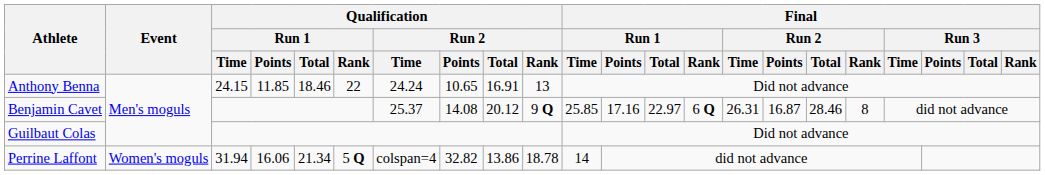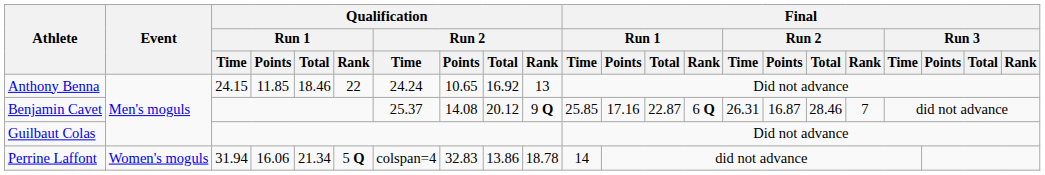 <table class="wikitable" style="font-size:90%">
 <tr>
 <th rowspan=3>Athlete</th>
 <th rowspan=3>Event</th>
 <th colspan=8>Qualification</th>
 <th colspan=12>Final</th>
 </tr>
 <tr style="font-size:95%">
 <th colspan=4>Run 1</th>
 <th colspan=4>Run 2</th>
 <th colspan=4>Run 1</th>
 <th colspan=4>Run 2</th>
 <th colspan=4>Run 3</th>
 </tr>
 <tr style="font-size:95%">
 <th>Time</th>
 <th>Points</th>
 <th>Total</th>
 <th>Rank</th>
 <th>Time</th>
 <th>Points</th>
 <th>Total</th>
 <th>Rank</th>
 <th>Time</th>
 <th>Points</th>
 <th>Total</th>
 <th>Rank</th>
 <th>Time</th>
 <th>Points</th>
 <th>Total</th>
 <th>Rank</th>
 <th>Time</th>
 <th>Points</th>
 <th>Total</th>
 <th>Rank</th>
 </tr>
 <tr align=center>
 <td align=left><a href='#'>Anthony Benna</a></td>
 <td align=left rowspan=3><a href='#'>Men's moguls</a></td>
 <td>24.15</td>
 <td>11.85</td>
 <td>18.46</td>
 <td>22</td>
 <td>24.24</td>
 <td>10.65</td>
-<td>16.91</td>
+<td>16.92</td>
 <td>13</td>
 <td colspan=12>Did not advance</td>
 </tr>
 <tr align=center>
 <td align=left><a href='#'>Benjamin Cavet</a></td>
 <td colspan=4></td>
 <td>25.37</td>
 <td>14.08</td>
 <td>20.12</td>
 <td>9 <strong>Q</strong></td>
 <td>25.85</td>
 <td>17.16</td>
-<td>22.97</td>
+<td>22.87</td>
 <td>6 <strong>Q</strong></td>
 <td>26.31</td>
 <td>16.87</td>
 <td>28.46</td>
-<td>8</td>
+<td>7</td>
 <td colspan=4>did not advance</td>
 </tr>
 <tr align=center>
 <td align=left><a href='#'>Guilbaut Colas</a></td>
 <td colspan=8></td>
 <td colspan=12>Did not advance</td>
 </tr>
 <tr align=center>
 <td align=left><a href='#'>Perrine Laffont</a></td>
 <td align=left><a href='#'>Women's moguls</a></td>
 <td>31.94</td>
 <td>16.06</td>
 <td>21.34</td>
 <td>5 <strong>Q</strong></td>
 <td>colspan=4 </td>
-<td>32.82</td>
+<td>32.83</td>
 <td>13.86</td>
 <td>18.78</td>
 <td>14</td>
 <td colspan=8>did not advance</td>
 </tr>
 </table>
